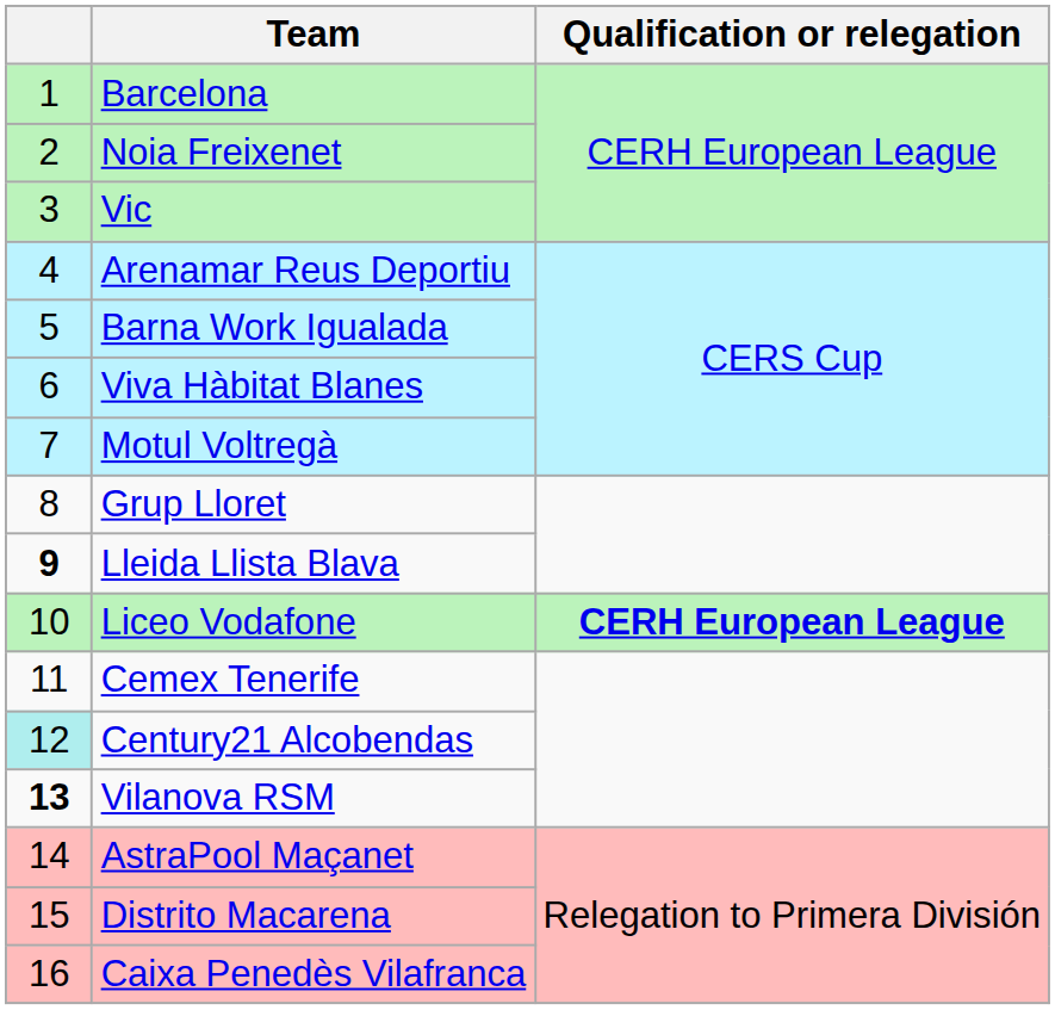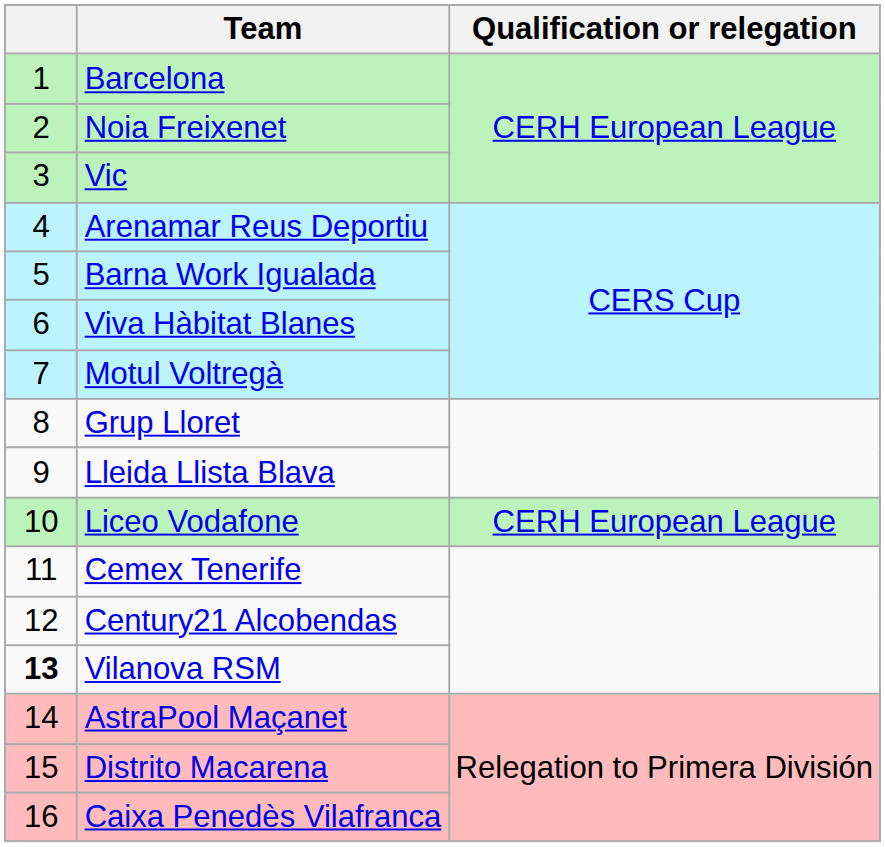 <table class="wikitable" style="text-align:center">
 <tr>
 <th width=30></th>
 <th>Team</th>
 <th>Qualification or relegation</th>
 </tr>
 <tr bgcolor=#BBF3BB>
 <td>1</td>
 <td align=left><a href='#'>Barcelona</a></td>
 <td rowspan=3><a href='#'>CERH European League</a></td>
 </tr>
 <tr bgcolor=#BBF3BB>
 <td>2</td>
 <td align=left><a href='#'>Noia Freixenet</a></td>
 </tr>
 <tr bgcolor=#BBF3BB>
 <td>3</td>
 <td align=left><a href='#'>Vic</a></td>
 </tr>
 <tr bgcolor=#BBF3FF>
 <td>4</td>
 <td align=left><a href='#'>Arenamar Reus Deportiu</a></td>
 <td rowspan=4><a href='#'>CERS Cup</a></td>
 </tr>
 <tr bgcolor=#BBF3FF>
 <td>5</td>
 <td align=left><a href='#'>Barna Work Igualada</a></td>
 </tr>
 <tr bgcolor=#BBF3FF>
 <td>6</td>
 <td align=left><a href='#'>Viva Hàbitat Blanes</a></td>
 </tr>
 <tr bgcolor=#BBF3FF>
 <td>7</td>
 <td align=left><a href='#'>Motul Voltregà</a></td>
 </tr>
 <tr>
 <td>8</td>
 <td align=left><a href='#'>Grup Lloret</a></td>
 <td rowspan=2></td>
 </tr>
 <tr>
-<td><strong>9</strong></td>
+<td>9</td>
 <td align=left><a href='#'>Lleida Llista Blava</a></td>
 </tr>
 <tr bgcolor=#BBF3BB>
 <td>10</td>
 <td align=left><a href='#'>Liceo Vodafone</a></td>
-<td><strong><a href='#'>CERH European League</a></strong></td>
+<td><a href='#'>CERH European League</a></td>
 </tr>
 <tr>
 <td>11</td>
 <td align=left><a href='#'>Cemex Tenerife</a></td>
 <td rowspan=3></td>
 </tr>
 <tr>
-<td style="background: paleturquoise;">12</td>
+<td>12</td>
 <td align=left><a href='#'>Century21 Alcobendas</a></td>
 </tr>
 <tr>
 <td><strong>13</strong></td>
 <td align=left><a href='#'>Vilanova RSM</a></td>
 </tr>
 <tr bgcolor=#FFBBBB>
 <td>14</td>
 <td align=left><a href='#'>AstraPool Maçanet</a></td>
 <td rowspan=3>Relegation to Primera División</td>
 </tr>
 <tr bgcolor=#FFBBBB>
 <td>15</td>
 <td align=left><a href='#'>Distrito Macarena</a></td>
 </tr>
 <tr bgcolor=#FFBBBB>
 <td>16</td>
 <td align=left><a href='#'>Caixa Penedès Vilafranca</a></td>
 </tr>
 </table>
